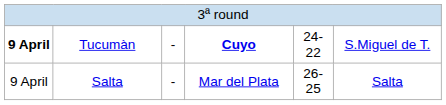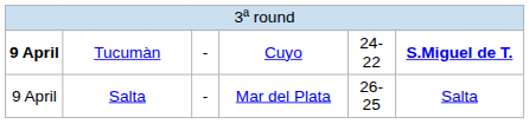 <table class="wikitable" style="text-align:center">
 <tr style="background:#cadff0;">
 <td style="text-align:center;" colspan="6">3ª round</td>
 </tr>
 <tr style="background:#fff;">
 <td width=50><strong>9 April</strong></td>
 <td width=120><a href='#'>Tucumàn</a></td>
 <td width=20>-</td>
-<td width=120><strong><a href='#'>Cuyo</a></strong></td>
+<td width=120><a href='#'>Cuyo</a></td>
 <td width=40>24-22</td>
-<td width=120><a href='#'>S.Miguel de T.</a></td>
+<td width=120><strong><a href='#'>S.Miguel de T.</a></strong></td>
 </tr>
 <tr style="background:#fff;">
 <td width=50>9 April</td>
 <td width=120><a href='#'>Salta</a></td>
 <td width=20>-</td>
 <td width=120><a href='#'>Mar del Plata</a></td>
 <td width=40>26-25</td>
 <td width=120><a href='#'>Salta</a></td>
 </tr>
 </table>
